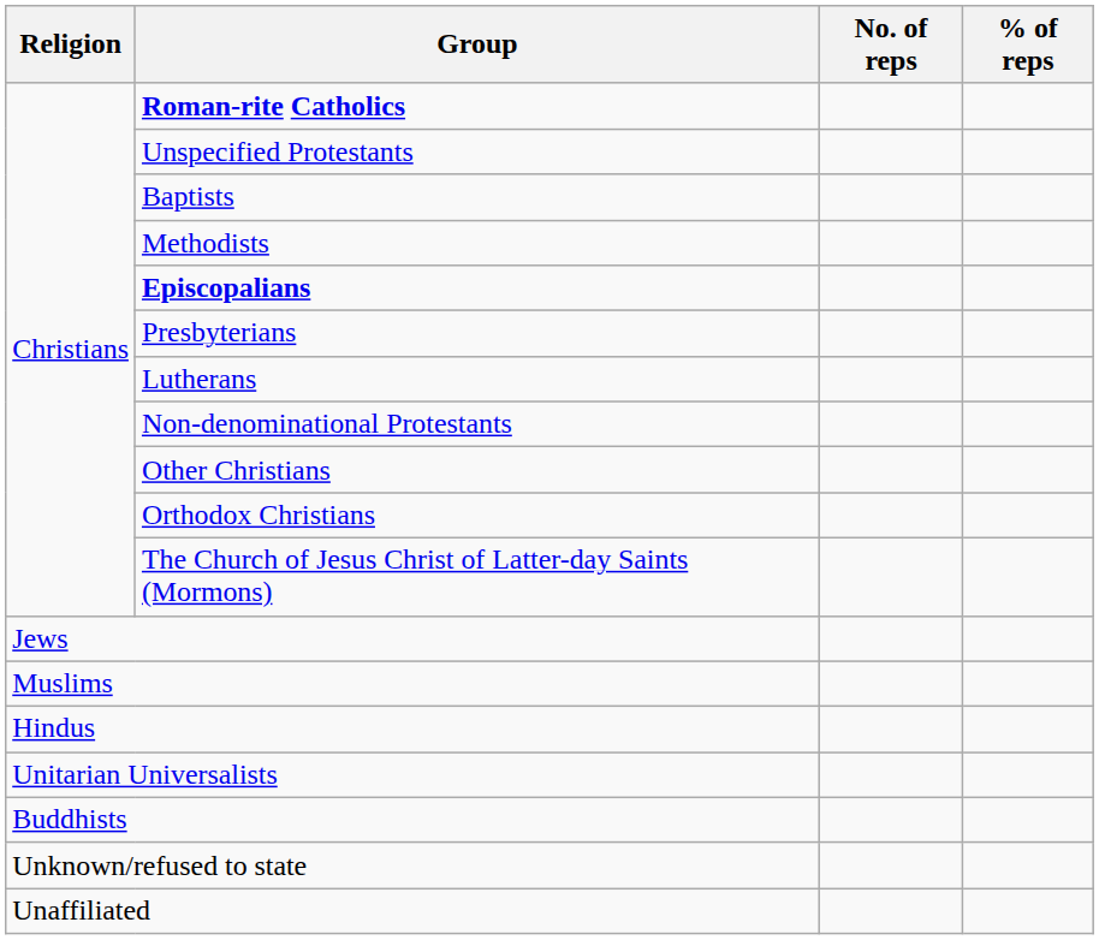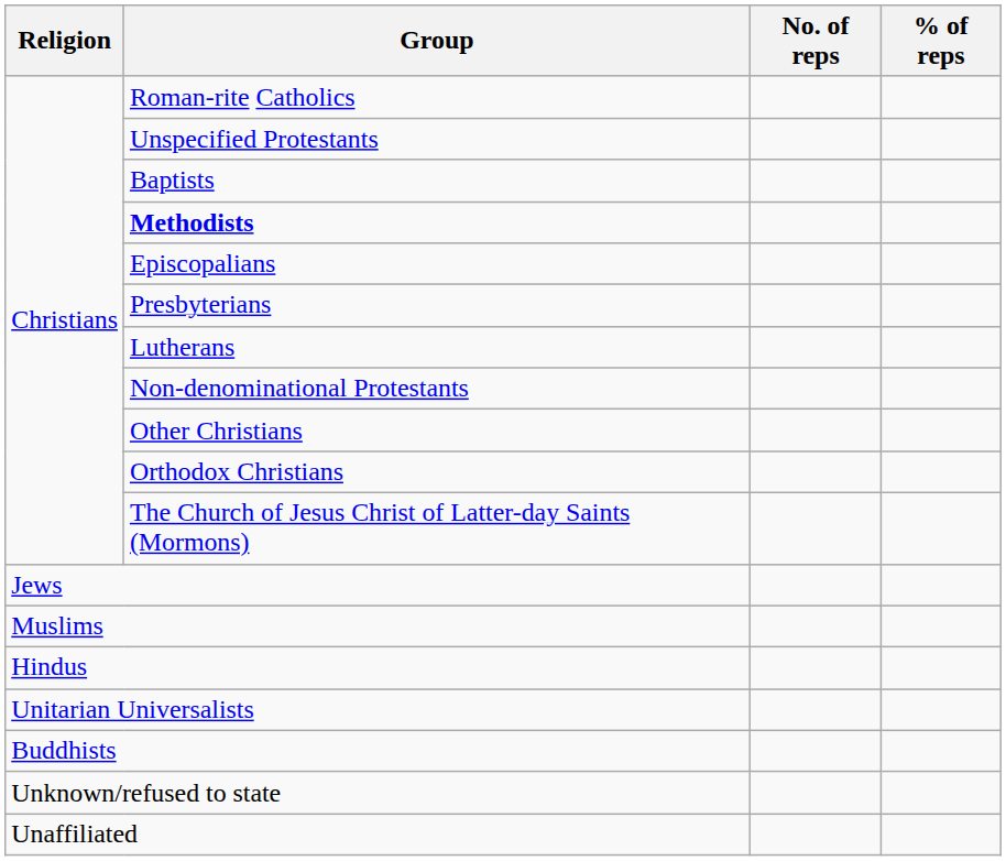 <table class="wikitable sortable">
 <tr>
 <th>Religion</th>
 <th>Group</th>
 <th>No. of reps</th>
 <th>% of reps</th>
 </tr>
 <tr>
 <td rowspan=11><a href='#'>Christians</a></td>
-<td><strong><a href='#'>Roman-rite</a> <a href='#'>Catholics</a></strong></td>
+<td><a href='#'>Roman-rite</a> <a href='#'>Catholics</a></td>
 <td></td>
 <td></td>
 </tr>
 <tr>
 <td><a href='#'>Unspecified Protestants</a></td>
 <td></td>
 <td></td>
 </tr>
 <tr>
 <td><a href='#'>Baptists</a></td>
 <td></td>
 <td></td>
 </tr>
 <tr>
-<td><a href='#'>Methodists</a></td>
+<td><strong><a href='#'>Methodists</a></strong></td>
 <td></td>
 <td></td>
 </tr>
 <tr>
-<td><strong><a href='#'>Episcopalians</a></strong></td>
+<td><a href='#'>Episcopalians</a></td>
 <td></td>
 <td></td>
 </tr>
 <tr>
 <td><a href='#'>Presbyterians</a></td>
 <td></td>
 <td></td>
 </tr>
 <tr>
 <td><a href='#'>Lutherans</a></td>
 <td></td>
 <td></td>
 </tr>
 <tr>
 <td><a href='#'>Non-denominational Protestants</a></td>
 <td></td>
 <td></td>
 </tr>
 <tr>
 <td><a href='#'>Other Christians</a></td>
 <td></td>
 <td></td>
 </tr>
 <tr>
 <td><a href='#'>Orthodox Christians</a></td>
 <td></td>
 <td></td>
 </tr>
 <tr>
 <td><a href='#'>The Church of Jesus Christ of Latter-day Saints (Mormons)</a></td>
 <td></td>
 <td></td>
 </tr>
 <tr>
 <td colspan=2; position=center><a href='#'>Jews</a></td>
 <td></td>
 <td></td>
 </tr>
 <tr>
 <td colspan=2; position=center><a href='#'>Muslims</a></td>
 <td></td>
 <td></td>
 </tr>
 <tr>
 <td colspan=2; position=center><a href='#'>Hindus</a></td>
 <td></td>
 <td></td>
 </tr>
 <tr>
 <td colspan=2; position=center><a href='#'>Unitarian Universalists</a></td>
 <td></td>
 <td></td>
 </tr>
 <tr>
 <td colspan=2; position=center><a href='#'>Buddhists</a></td>
 <td></td>
 <td></td>
 </tr>
 <tr>
 <td colspan=2; position=center>Unknown/refused to state</td>
 <td></td>
 <td></td>
 </tr>
 <tr>
 <td colspan=2; position=center>Unaffiliated</td>
 <td></td>
 <td></td>
 </tr>
 </table>
